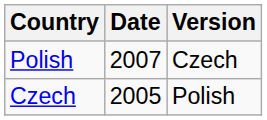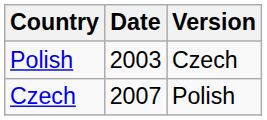 <table class="wikitable">
 <tr>
 <th>Country</th>
 <th>Date</th>
 <th>Version</th>
 </tr>
 <tr>
 <td><a href='#'>Polish</a></td>
-<td>2007</td>
+<td>2003</td>
 <td>Czech</td>
 </tr>
 <tr>
 <td><a href='#'>Czech</a></td>
-<td>2005</td>
+<td>2007</td>
 <td>Polish</td>
 </tr>
 </table>
